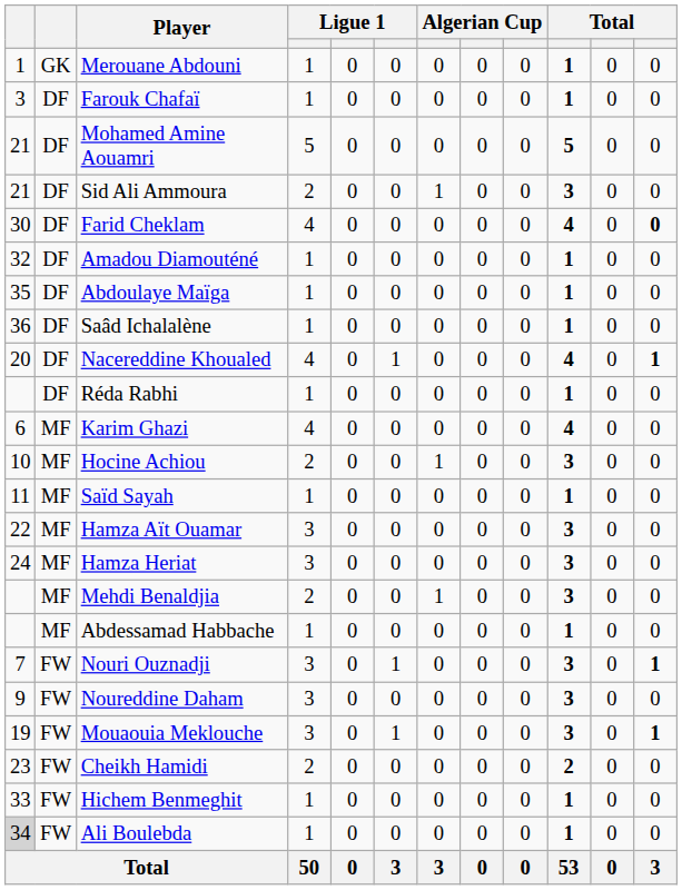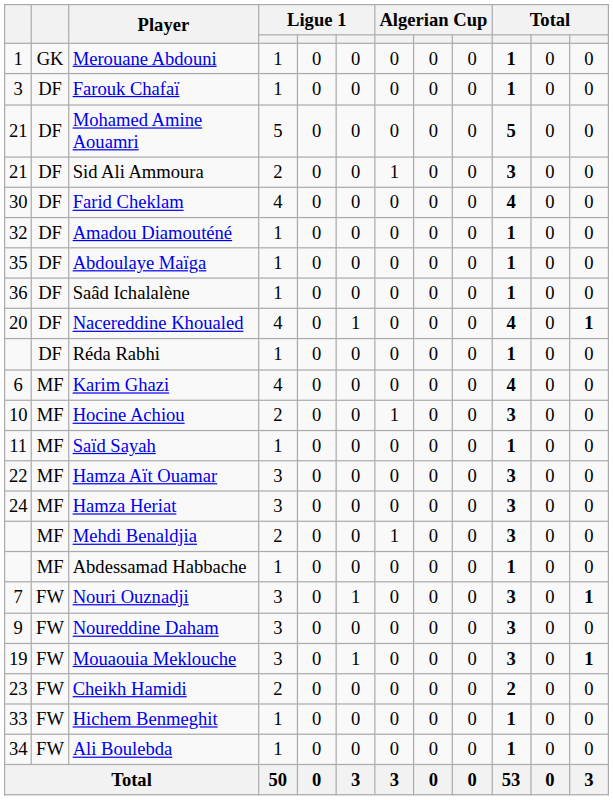 <table class="wikitable sortable nowrap" style="font-size: 96%; text-align: center;">
 <tr>
 <th rowspan="2"></th>
 <th rowspan="2"></th>
 <th rowspan="2" width=150>Player</th>
 <th colspan="3">Ligue 1</th>
 <th colspan="3">Algerian Cup</th>
 <th colspan="3">Total</th>
 </tr>
 <tr>
 <th width=25></th>
 <th width=25></th>
 <th width=25></th>
 <th width=25></th>
 <th width=25></th>
 <th width=25></th>
 <th width=25></th>
 <th width=25></th>
 <th width=25></th>
 </tr>
 <tr>
 <td>1</td>
 <td>GK</td>
 <td style="text-align:left"> <a href='#'>Merouane Abdouni</a></td>
 <td>1</td>
 <td>0</td>
 <td>0</td>
 <td>0</td>
 <td>0</td>
 <td>0</td>
 <td><strong>1</strong></td>
 <td>0</td>
 <td>0</td>
 </tr>
 <tr>
 <td>3</td>
 <td>DF</td>
 <td style="text-align:left"> <a href='#'>Farouk Chafaï</a></td>
 <td>1</td>
 <td>0</td>
 <td>0</td>
 <td>0</td>
 <td>0</td>
 <td>0</td>
 <td><strong>1</strong></td>
 <td>0</td>
 <td>0</td>
 </tr>
 <tr>
 <td>21</td>
 <td>DF</td>
 <td style="text-align:left"> <a href='#'>Mohamed Amine Aouamri</a></td>
 <td>5</td>
 <td>0</td>
 <td>0</td>
 <td>0</td>
 <td>0</td>
 <td>0</td>
 <td><strong>5</strong></td>
 <td>0</td>
 <td>0</td>
 </tr>
 <tr>
 <td>21</td>
 <td>DF</td>
 <td style="text-align:left"> Sid Ali Ammoura</td>
 <td>2</td>
 <td>0</td>
 <td>0</td>
 <td>1</td>
 <td>0</td>
 <td>0</td>
 <td><strong>3</strong></td>
 <td>0</td>
 <td>0</td>
 </tr>
 <tr>
 <td>30</td>
 <td>DF</td>
 <td style="text-align:left"> <a href='#'>Farid Cheklam</a></td>
 <td>4</td>
 <td>0</td>
 <td>0</td>
 <td>0</td>
 <td>0</td>
 <td>0</td>
 <td><strong>4</strong></td>
 <td>0</td>
-<td><strong>0</strong></td>
+<td>0</td>
 </tr>
 <tr>
 <td>32</td>
 <td>DF</td>
 <td style="text-align:left"> <a href='#'>Amadou Diamouténé</a></td>
 <td>1</td>
 <td>0</td>
 <td>0</td>
 <td>0</td>
 <td>0</td>
 <td>0</td>
 <td><strong>1</strong></td>
 <td>0</td>
 <td>0</td>
 </tr>
 <tr>
 <td>35</td>
 <td>DF</td>
 <td style="text-align:left"> <a href='#'>Abdoulaye Maïga</a></td>
 <td>1</td>
 <td>0</td>
 <td>0</td>
 <td>0</td>
 <td>0</td>
 <td>0</td>
 <td><strong>1</strong></td>
 <td>0</td>
 <td>0</td>
 </tr>
 <tr>
 <td>36</td>
 <td>DF</td>
 <td style="text-align:left"> Saâd Ichalalène</td>
 <td>1</td>
 <td>0</td>
 <td>0</td>
 <td>0</td>
 <td>0</td>
 <td>0</td>
 <td><strong>1</strong></td>
 <td>0</td>
 <td>0</td>
 </tr>
 <tr>
 <td>20</td>
 <td>DF</td>
 <td style="text-align:left"> <a href='#'>Nacereddine Khoualed</a></td>
 <td>4</td>
 <td>0</td>
 <td>1</td>
 <td>0</td>
 <td>0</td>
 <td>0</td>
 <td><strong>4</strong></td>
 <td>0</td>
 <td><strong>1</strong></td>
 </tr>
 <tr>
 <td></td>
 <td>DF</td>
 <td style="text-align:left"> Réda Rabhi</td>
 <td>1</td>
 <td>0</td>
 <td>0</td>
 <td>0</td>
 <td>0</td>
 <td>0</td>
 <td><strong>1</strong></td>
 <td>0</td>
 <td>0</td>
 </tr>
 <tr>
 <td>6</td>
 <td>MF</td>
 <td style="text-align:left"> <a href='#'>Karim Ghazi</a></td>
 <td>4</td>
 <td>0</td>
 <td>0</td>
 <td>0</td>
 <td>0</td>
 <td>0</td>
 <td><strong>4</strong></td>
 <td>0</td>
 <td>0</td>
 </tr>
 <tr>
 <td>10</td>
 <td>MF</td>
 <td style="text-align:left"> <a href='#'>Hocine Achiou</a></td>
 <td>2</td>
 <td>0</td>
 <td>0</td>
 <td>1</td>
 <td>0</td>
 <td>0</td>
 <td><strong>3</strong></td>
 <td>0</td>
 <td>0</td>
 </tr>
 <tr>
 <td>11</td>
 <td>MF</td>
 <td style="text-align:left"> <a href='#'>Saïd Sayah</a></td>
 <td>1</td>
 <td>0</td>
 <td>0</td>
 <td>0</td>
 <td>0</td>
 <td>0</td>
 <td><strong>1</strong></td>
 <td>0</td>
 <td>0</td>
 </tr>
 <tr>
 <td>22</td>
 <td>MF</td>
 <td style="text-align:left"> <a href='#'>Hamza Aït Ouamar</a></td>
 <td>3</td>
 <td>0</td>
 <td>0</td>
 <td>0</td>
 <td>0</td>
 <td>0</td>
 <td><strong>3</strong></td>
 <td>0</td>
 <td>0</td>
 </tr>
 <tr>
 <td>24</td>
 <td>MF</td>
 <td style="text-align:left"> <a href='#'>Hamza Heriat</a></td>
 <td>3</td>
 <td>0</td>
 <td>0</td>
 <td>0</td>
 <td>0</td>
 <td>0</td>
 <td><strong>3</strong></td>
 <td>0</td>
 <td>0</td>
 </tr>
 <tr>
 <td></td>
 <td>MF</td>
 <td style="text-align:left"> <a href='#'>Mehdi Benaldjia</a></td>
 <td>2</td>
 <td>0</td>
 <td>0</td>
 <td>1</td>
 <td>0</td>
 <td>0</td>
 <td><strong>3</strong></td>
 <td>0</td>
 <td>0</td>
 </tr>
 <tr>
 <td></td>
 <td>MF</td>
 <td style="text-align:left"> Abdessamad Habbache</td>
 <td>1</td>
 <td>0</td>
 <td>0</td>
 <td>0</td>
 <td>0</td>
 <td>0</td>
 <td><strong>1</strong></td>
 <td>0</td>
 <td>0</td>
 </tr>
 <tr>
 <td>7</td>
 <td>FW</td>
 <td style="text-align:left"> <a href='#'>Nouri Ouznadji</a></td>
 <td>3</td>
 <td>0</td>
 <td>1</td>
 <td>0</td>
 <td>0</td>
 <td>0</td>
 <td><strong>3</strong></td>
 <td>0</td>
 <td><strong>1</strong></td>
 </tr>
 <tr>
 <td>9</td>
 <td>FW</td>
 <td style="text-align:left"> <a href='#'>Noureddine Daham</a></td>
 <td>3</td>
 <td>0</td>
 <td>0</td>
 <td>0</td>
 <td>0</td>
 <td>0</td>
 <td><strong>3</strong></td>
 <td>0</td>
 <td>0</td>
 </tr>
 <tr>
 <td>19</td>
 <td>FW</td>
 <td style="text-align:left"> <a href='#'>Mouaouia Meklouche</a></td>
 <td>3</td>
 <td>0</td>
 <td>1</td>
 <td>0</td>
 <td>0</td>
 <td>0</td>
 <td><strong>3</strong></td>
 <td>0</td>
 <td><strong>1</strong></td>
 </tr>
 <tr>
 <td>23</td>
 <td>FW</td>
 <td style="text-align:left"> <a href='#'>Cheikh Hamidi</a></td>
 <td>2</td>
 <td>0</td>
 <td>0</td>
 <td>0</td>
 <td>0</td>
 <td>0</td>
 <td><strong>2</strong></td>
 <td>0</td>
 <td>0</td>
 </tr>
 <tr>
 <td>33</td>
 <td>FW</td>
 <td style="text-align:left"> <a href='#'>Hichem Benmeghit</a></td>
 <td>1</td>
 <td>0</td>
 <td>0</td>
 <td>0</td>
 <td>0</td>
 <td>0</td>
 <td><strong>1</strong></td>
 <td>0</td>
 <td>0</td>
 </tr>
 <tr>
-<td style="background: lightgrey;">34</td>
+<td>34</td>
 <td>FW</td>
 <td style="text-align:left"> <a href='#'>Ali Boulebda</a></td>
 <td>1</td>
 <td>0</td>
 <td>0</td>
 <td>0</td>
 <td>0</td>
 <td>0</td>
 <td><strong>1</strong></td>
 <td>0</td>
 <td>0</td>
 </tr>
 <tr>
 <th colspan="3">Total</th>
 <th>50</th>
 <th>0</th>
 <th>3</th>
 <th>3</th>
 <th>0</th>
 <th>0</th>
 <th>53</th>
 <th>0</th>
 <th>3</th>
 </tr>
 </table>
